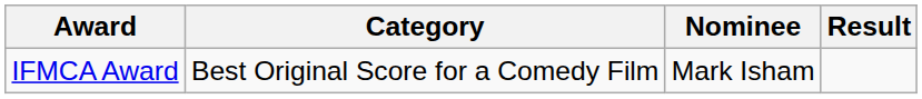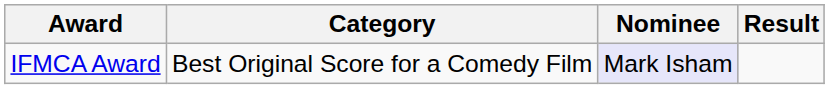 <table class="wikitable sortable">
 <tr>
 <th>Award</th>
 <th>Category</th>
 <th>Nominee</th>
 <th>Result</th>
 </tr>
 <tr>
 <td rowspan="2"><a href='#'>IFMCA Award</a></td>
 <td>Best Original Score for a Comedy Film</td>
-<td>Mark Isham</td>
+<td style="background: lavender;">Mark Isham</td>
 <td></td>
 </tr>
 </table>
